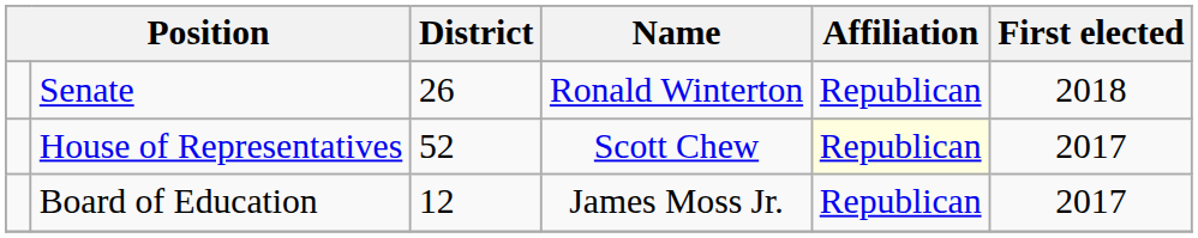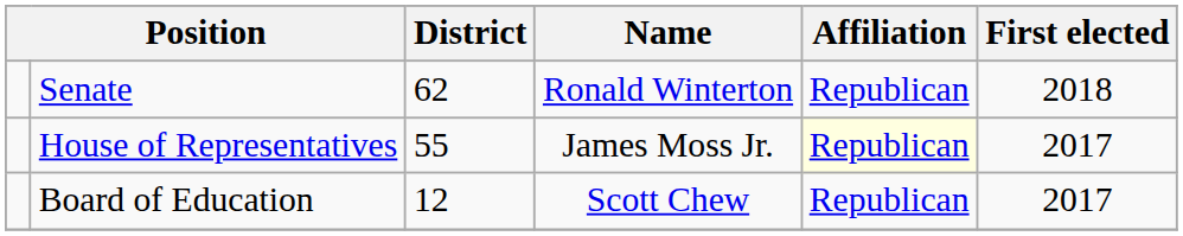 <table class="wikitable">
 <tr>
 <th colspan="2" style="text-align:center; vertical-align:bottom;">Position</th>
 <th>District</th>
 <th style="text-align:center;">Name</th>
 <th valign="bottom">Affiliation</th>
 <th style="vertical-align:bottom; text-align:center;">First elected</th>
 </tr>
 <tr>
 <td style="background-color:"> </td>
 <td><a href='#'>Senate</a></td>
-<td>26</td>
+<td>62</td>
 <td style="text-align:center;"><a href='#'>Ronald Winterton</a></td>
 <td style="text-align:center;"><a href='#'>Republican</a></td>
 <td style="text-align:center;">2018</td>
 </tr>
 <tr>
 <td style="background-color:"> </td>
 <td><a href='#'>House of Representatives</a></td>
-<td>52</td>
-<td style="text-align:center;"><a href='#'>Scott Chew</a></td>
+<td>55</td>
+<td style="text-align:center;">James Moss Jr.</td>
 <td style="background: lightyellow; text-align:center;"><a href='#'>Republican</a></td>
 <td style="text-align:center;">2017</td>
 </tr>
 <tr>
 <td style="background-color:"> </td>
 <td>Board of Education</td>
 <td>12</td>
-<td style="text-align:center;">James Moss Jr.</td>
+<td style="text-align:center;"><a href='#'>Scott Chew</a></td>
 <td style="text-align:center;"><a href='#'>Republican</a></td>
 <td style="text-align:center;">2017</td>
 </tr>
 <tr>
 </tr>
 </table>
